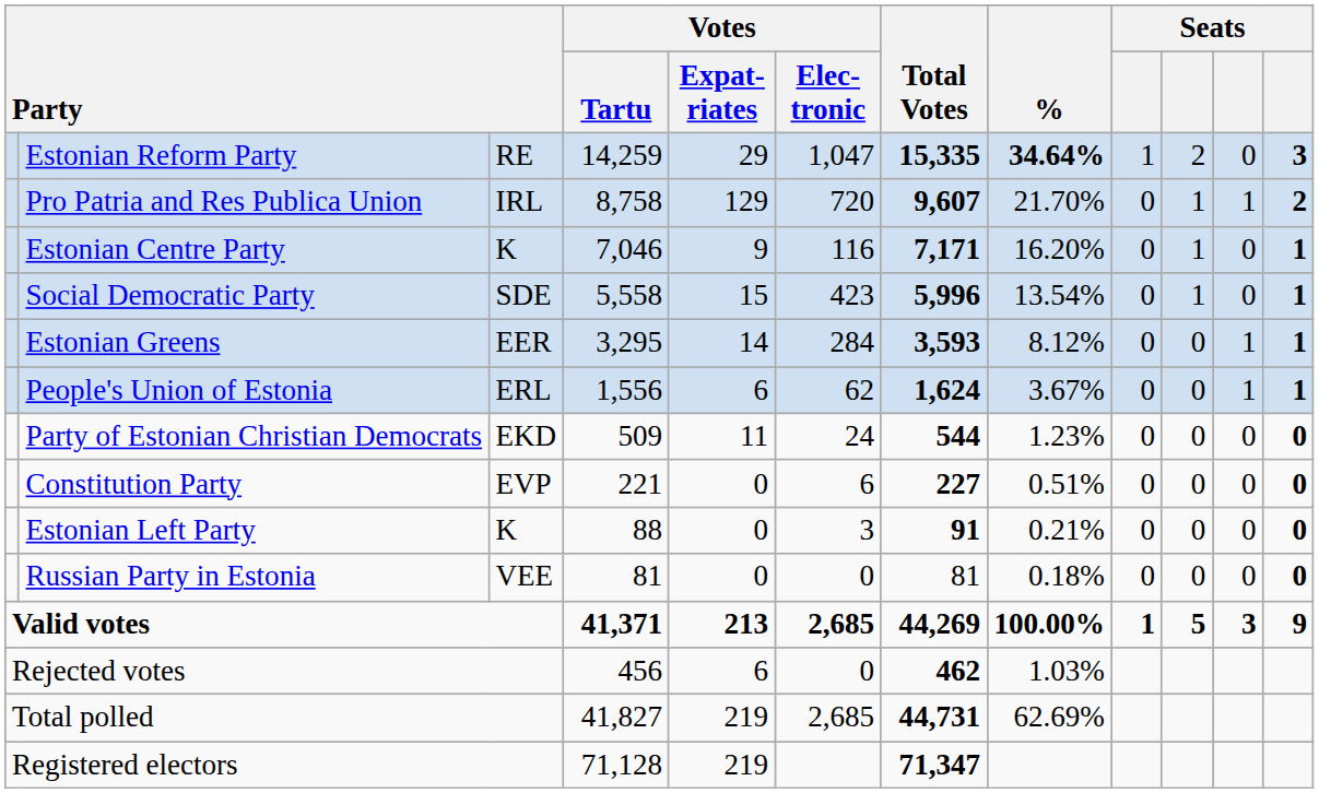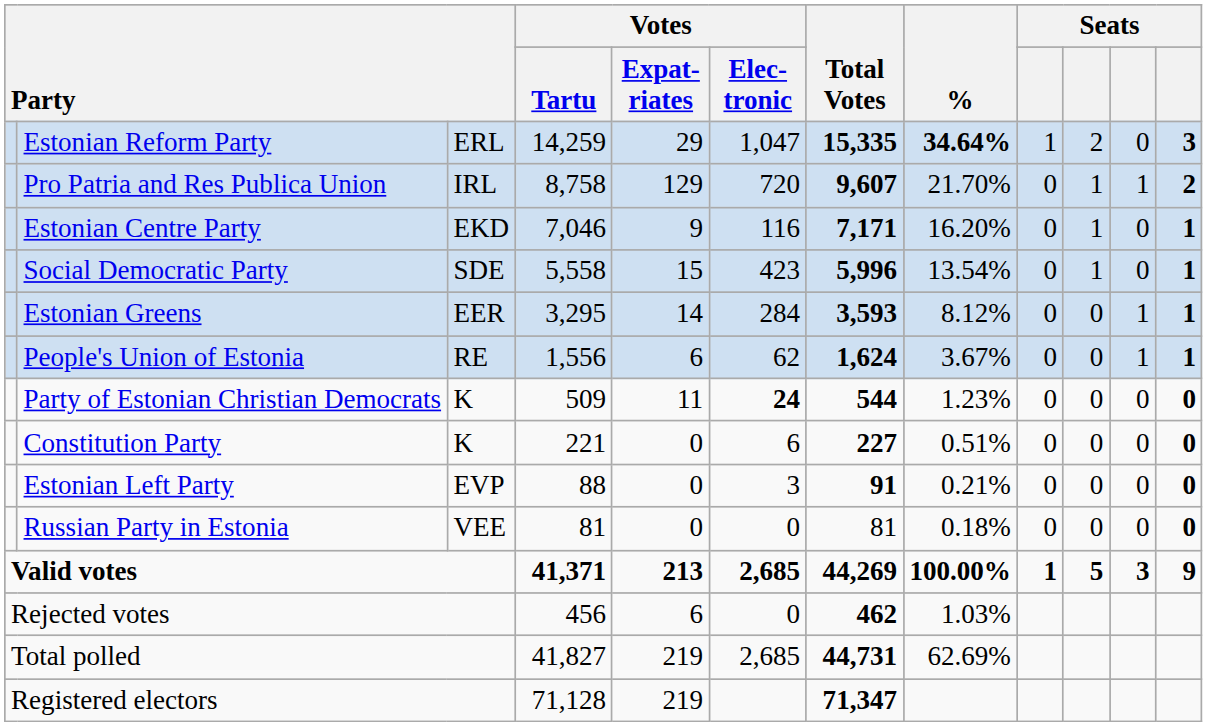 <table class="wikitable" border="1" style="text-align:right;">
 <tr>
 <th style="text-align:left;" valign=bottom rowspan=2 colspan=3>Party</th>
 <th colspan=3>Votes</th>
 <th align=center valign=bottom rowspan=2 width="50">Total Votes</th>
 <th align=center valign=bottom rowspan=2 width="50">%</th>
 <th colspan=4>Seats</th>
 </tr>
 <tr>
 <th align=center valign=bottom width="50"><a href='#'>Tartu</a></th>
 <th align=center valign=bottom width="50"><a href='#'>Expat- riates</a></th>
 <th align=center valign=bottom width="50"><a href='#'>Elec- tronic</a></th>
 <th align=center valign=bottom width="20"><small></small></th>
 <th align=center valign=bottom width="20"><small></small></th>
 <th align=center valign=bottom width="20"><small></small></th>
 <th align=center valign=bottom width="20"><small></small></th>
 </tr>
 <tr style="background:#CEE0F2;">
 <td style="background:"></td>
 <td align=left><a href='#'>Estonian Reform Party</a></td>
-<td align=left>RE</td>
+<td align=left>ERL</td>
 <td>14,259</td>
 <td>29</td>
 <td>1,047</td>
 <td><strong>15,335</strong></td>
 <td><strong>34.64%</strong></td>
 <td>1</td>
 <td>2</td>
 <td>0</td>
 <td><strong>3</strong></td>
 </tr>
 <tr style="background:#CEE0F2;">
 <td style="background:"></td>
 <td align=left><a href='#'>Pro Patria and Res Publica Union</a></td>
 <td align=left>IRL</td>
 <td>8,758</td>
 <td>129</td>
 <td>720</td>
 <td><strong>9,607</strong></td>
 <td>21.70%</td>
 <td>0</td>
 <td>1</td>
 <td>1</td>
 <td><strong>2</strong></td>
 </tr>
 <tr style="background:#CEE0F2;">
 <td style="background:"></td>
 <td align=left><a href='#'>Estonian Centre Party</a></td>
-<td align=left>K</td>
+<td align=left>EKD</td>
 <td>7,046</td>
 <td>9</td>
 <td>116</td>
 <td><strong>7,171</strong></td>
 <td>16.20%</td>
 <td>0</td>
 <td>1</td>
 <td>0</td>
 <td><strong>1</strong></td>
 </tr>
 <tr style="background:#CEE0F2;">
 <td style="background:"></td>
 <td align=left><a href='#'>Social Democratic Party</a></td>
 <td align=left>SDE</td>
 <td>5,558</td>
 <td>15</td>
 <td>423</td>
 <td><strong>5,996</strong></td>
 <td>13.54%</td>
 <td>0</td>
 <td>1</td>
 <td>0</td>
 <td><strong>1</strong></td>
 </tr>
 <tr style="background:#CEE0F2;">
 <td style="background:"></td>
 <td align=left><a href='#'>Estonian Greens</a></td>
 <td align=left>EER</td>
 <td>3,295</td>
 <td>14</td>
 <td>284</td>
 <td><strong>3,593</strong></td>
 <td>8.12%</td>
 <td>0</td>
 <td>0</td>
 <td>1</td>
 <td><strong>1</strong></td>
 </tr>
 <tr style="background:#CEE0F2;">
 <td style="background:"></td>
 <td align=left><a href='#'>People's Union of Estonia</a></td>
-<td align=left>ERL</td>
+<td align=left>RE</td>
 <td>1,556</td>
 <td>6</td>
 <td>62</td>
 <td><strong>1,624</strong></td>
 <td>3.67%</td>
 <td>0</td>
 <td>0</td>
 <td>1</td>
 <td><strong>1</strong></td>
 </tr>
 <tr>
 <td style="background:"></td>
 <td align=left><a href='#'>Party of Estonian Christian Democrats</a></td>
-<td align=left>EKD</td>
+<td align=left>K</td>
 <td>509</td>
 <td>11</td>
-<td>24</td>
+<td><strong>24</strong></td>
 <td><strong>544</strong></td>
 <td>1.23%</td>
 <td>0</td>
 <td>0</td>
 <td>0</td>
 <td><strong>0</strong></td>
 </tr>
 <tr>
 <td style="background:"></td>
 <td align=left><a href='#'>Constitution Party</a></td>
-<td align=left>EVP</td>
+<td align=left>K</td>
 <td>221</td>
 <td>0</td>
 <td>6</td>
 <td><strong>227</strong></td>
 <td>0.51%</td>
 <td>0</td>
 <td>0</td>
 <td>0</td>
 <td><strong>0</strong></td>
 </tr>
 <tr>
 <td style="background:"></td>
 <td align=left><a href='#'>Estonian Left Party</a></td>
-<td align=left>K</td>
+<td align=left>EVP</td>
 <td>88</td>
 <td>0</td>
 <td>3</td>
 <td><strong>91</strong></td>
 <td>0.21%</td>
 <td>0</td>
 <td>0</td>
 <td>0</td>
 <td><strong>0</strong></td>
 </tr>
 <tr>
 <td></td>
 <td align=left><a href='#'>Russian Party in Estonia</a></td>
 <td align=left>VEE</td>
 <td>81</td>
 <td>0</td>
 <td>0</td>
 <td>81</td>
 <td>0.18%</td>
 <td>0</td>
 <td>0</td>
 <td>0</td>
 <td><strong>0</strong></td>
 </tr>
 <tr style="font-weight:bold">
 <td align=left colspan=3>Valid votes</td>
 <td>41,371</td>
 <td>213</td>
 <td>2,685</td>
 <td>44,269</td>
 <td>100.00%</td>
 <td>1</td>
 <td>5</td>
 <td>3</td>
 <td>9</td>
 </tr>
 <tr>
 <td align=left colspan=3>Rejected votes</td>
 <td>456</td>
 <td>6</td>
 <td>0</td>
 <td><strong>462</strong></td>
 <td>1.03%</td>
 <td></td>
 <td></td>
 <td></td>
 <td></td>
 </tr>
 <tr>
 <td align=left colspan=3>Total polled</td>
 <td>41,827</td>
 <td>219</td>
 <td>2,685</td>
 <td><strong>44,731</strong></td>
 <td>62.69%</td>
 <td></td>
 <td></td>
 <td></td>
 <td></td>
 </tr>
 <tr>
 <td align=left colspan=3>Registered electors</td>
 <td>71,128</td>
 <td>219</td>
 <td></td>
 <td><strong>71,347</strong></td>
 <td></td>
 <td></td>
 <td></td>
 <td></td>
 <td></td>
 </tr>
 </table>
